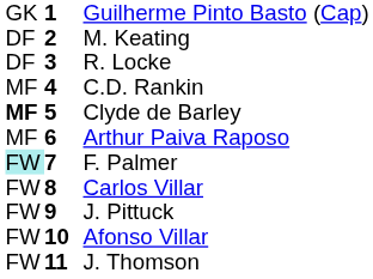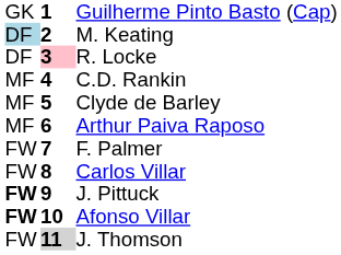 <table style="font-size: 90%" cellspacing="0" cellpadding="0" align=center>
 <tr>
 <td colspan="4"></td>
 </tr>
 <tr>
 <th width=25></th>
 <th width=25></th>
 </tr>
 <tr>
 <td>GK</td>
 <td><strong>1</strong></td>
 <td> <a href='#'>Guilherme Pinto Basto</a> (<a href='#'>Cap</a>)</td>
 </tr>
 <tr>
-<td>DF</td>
+<td style="background: lightblue;">DF</td>
 <td><strong>2</strong></td>
 <td> M. Keating</td>
 </tr>
 <tr>
 <td>DF</td>
-<td><strong>3</strong></td>
+<td style="background: pink;"><strong>3</strong></td>
 <td> R. Locke</td>
 </tr>
 <tr>
 <td>MF</td>
 <td><strong>4</strong></td>
 <td> C.D. Rankin</td>
 </tr>
 <tr>
-<td><strong>MF</strong></td>
+<td>MF</td>
 <td><strong>5</strong></td>
 <td> Clyde de Barley</td>
 </tr>
 <tr>
 <td>MF</td>
 <td><strong>6</strong></td>
 <td> <a href='#'>Arthur Paiva Raposo</a></td>
 </tr>
 <tr>
-<td style="background: paleturquoise;">FW</td>
+<td>FW</td>
 <td><strong>7</strong></td>
 <td> F. Palmer</td>
 </tr>
 <tr>
 <td>FW</td>
 <td><strong>8</strong></td>
 <td> <a href='#'>Carlos Villar</a></td>
 </tr>
 <tr>
-<td>FW</td>
+<td><strong>FW</strong></td>
 <td><strong>9</strong></td>
 <td> J. Pittuck</td>
 </tr>
 <tr>
-<td>FW</td>
+<td><strong>FW</strong></td>
 <td><strong>10</strong></td>
 <td> <a href='#'>Afonso Villar</a></td>
 </tr>
 <tr>
 <td>FW</td>
-<td><strong>11</strong></td>
+<td style="background: lightgrey;"><strong>11</strong></td>
 <td> J. Thomson</td>
 </tr>
 <tr>
 </tr>
 </table>
